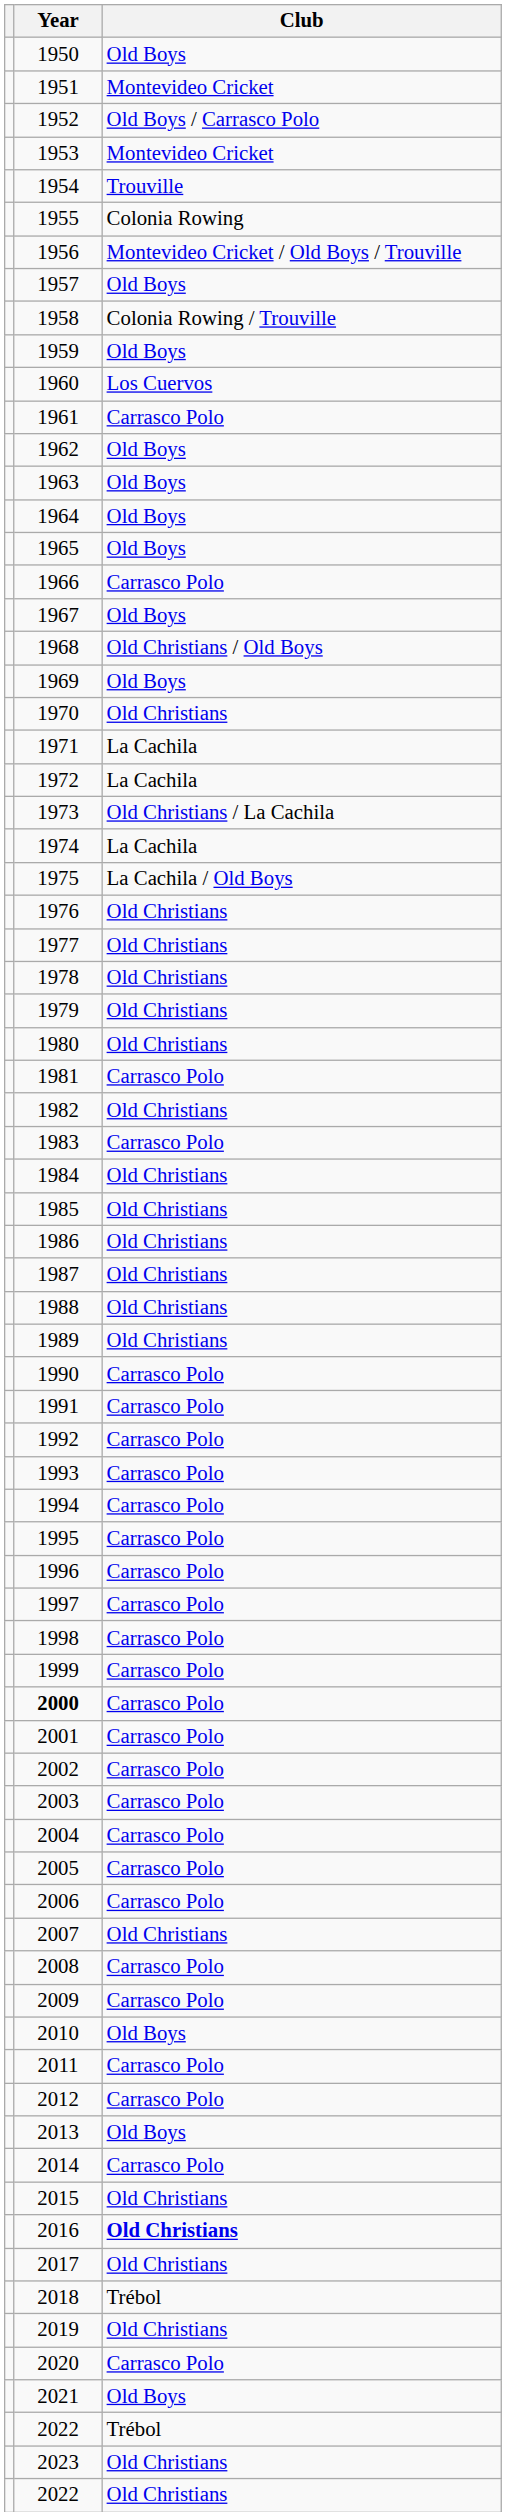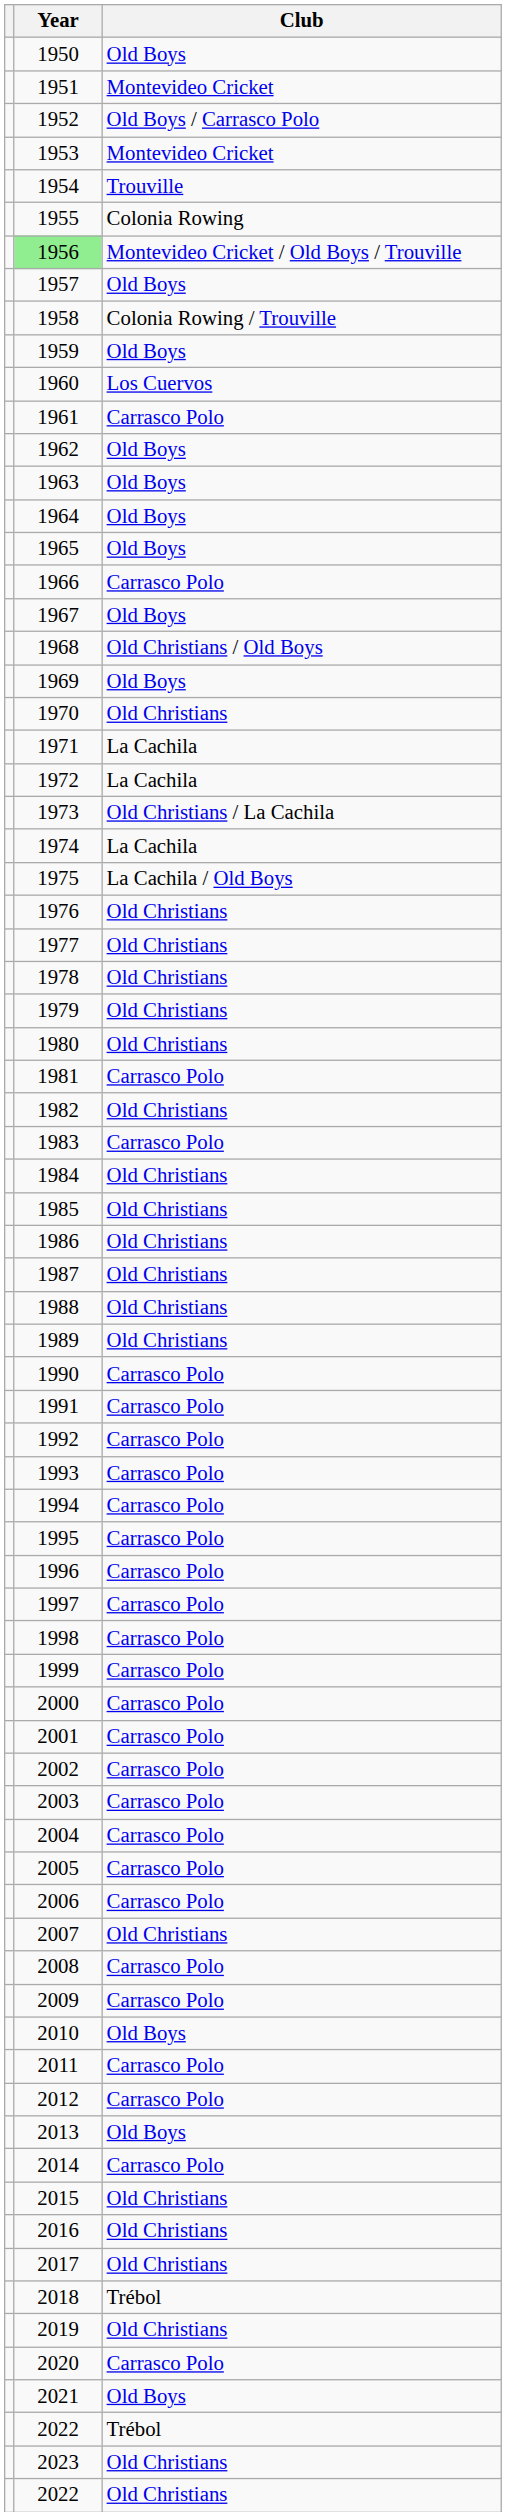 <table class="wikitable sortable">
 <tr>
 <th width =></th>
 <th width=60px>Year</th>
 <th width=300px>Club</th>
 </tr>
 <tr>
 <td></td>
 <td align=center>1950</td>
 <td><a href='#'>Old Boys</a> </td>
 </tr>
 <tr>
 <td></td>
 <td align=center>1951</td>
 <td><a href='#'>Montevideo Cricket</a> </td>
 </tr>
 <tr>
 <td></td>
 <td align=center>1952</td>
 <td><a href='#'>Old Boys</a>  / <a href='#'>Carrasco Polo</a> </td>
 </tr>
 <tr>
 <td></td>
 <td align=center>1953</td>
 <td><a href='#'>Montevideo Cricket</a> </td>
 </tr>
 <tr>
 <td></td>
 <td align=center>1954</td>
 <td><a href='#'>Trouville</a> </td>
 </tr>
 <tr>
 <td></td>
 <td align=center>1955</td>
 <td>Colonia Rowing </td>
 </tr>
 <tr>
 <td></td>
-<td align=center>1956</td>
+<td align=center style="background: lightgreen;">1956</td>
 <td><a href='#'>Montevideo Cricket</a>  / <a href='#'>Old Boys</a>  / <a href='#'>Trouville</a> </td>
 </tr>
 <tr>
 <td></td>
 <td align=center>1957</td>
 <td><a href='#'>Old Boys</a> </td>
 </tr>
 <tr>
 <td></td>
 <td align=center>1958</td>
 <td>Colonia Rowing  / <a href='#'>Trouville</a> </td>
 </tr>
 <tr>
 <td></td>
 <td align=center>1959</td>
 <td><a href='#'>Old Boys</a> </td>
 </tr>
 <tr>
 <td></td>
 <td align=center>1960</td>
 <td><a href='#'>Los Cuervos</a></td>
 </tr>
 <tr>
 <td></td>
 <td align=center>1961</td>
 <td><a href='#'>Carrasco Polo</a> </td>
 </tr>
 <tr>
 <td></td>
 <td align=center>1962</td>
 <td><a href='#'>Old Boys</a> </td>
 </tr>
 <tr>
 <td></td>
 <td align=center>1963</td>
 <td><a href='#'>Old Boys</a> </td>
 </tr>
 <tr>
 <td></td>
 <td align=center>1964</td>
 <td><a href='#'>Old Boys</a> </td>
 </tr>
 <tr>
 <td></td>
 <td align=center>1965</td>
 <td><a href='#'>Old Boys</a> </td>
 </tr>
 <tr>
 <td></td>
 <td align=center>1966</td>
 <td><a href='#'>Carrasco Polo</a> </td>
 </tr>
 <tr>
 <td></td>
 <td align=center>1967</td>
 <td><a href='#'>Old Boys</a> </td>
 </tr>
 <tr>
 <td></td>
 <td align=center>1968</td>
 <td><a href='#'>Old Christians</a>  / <a href='#'>Old Boys</a> </td>
 </tr>
 <tr>
 <td></td>
 <td align=center>1969</td>
 <td><a href='#'>Old Boys</a> </td>
 </tr>
 <tr>
 <td></td>
 <td align=center>1970</td>
 <td><a href='#'>Old Christians</a> </td>
 </tr>
 <tr>
 <td></td>
 <td align=center>1971</td>
 <td>La Cachila </td>
 </tr>
 <tr>
 <td></td>
 <td align=center>1972</td>
 <td>La Cachila </td>
 </tr>
 <tr>
 <td></td>
 <td align=center>1973</td>
 <td><a href='#'>Old Christians</a>  / La Cachila </td>
 </tr>
 <tr>
 <td></td>
 <td align=center>1974</td>
 <td>La Cachila </td>
 </tr>
 <tr>
 <td></td>
 <td align=center>1975</td>
 <td>La Cachila  / <a href='#'>Old Boys</a> </td>
 </tr>
 <tr>
 <td></td>
 <td align=center>1976</td>
 <td><a href='#'>Old Christians</a> </td>
 </tr>
 <tr>
 <td></td>
 <td align=center>1977</td>
 <td><a href='#'>Old Christians</a> </td>
 </tr>
 <tr>
 <td></td>
 <td align=center>1978</td>
 <td><a href='#'>Old Christians</a> </td>
 </tr>
 <tr>
 <td></td>
 <td align=center>1979</td>
 <td><a href='#'>Old Christians</a> </td>
 </tr>
 <tr>
 <td></td>
 <td align=center>1980</td>
 <td><a href='#'>Old Christians</a> </td>
 </tr>
 <tr>
 <td></td>
 <td align=center>1981</td>
 <td><a href='#'>Carrasco Polo</a> </td>
 </tr>
 <tr>
 <td></td>
 <td align=center>1982</td>
 <td><a href='#'>Old Christians</a> </td>
 </tr>
 <tr>
 <td></td>
 <td align=center>1983</td>
 <td><a href='#'>Carrasco Polo</a> </td>
 </tr>
 <tr>
 <td></td>
 <td align=center>1984</td>
 <td><a href='#'>Old Christians</a> </td>
 </tr>
 <tr>
 <td></td>
 <td align=center>1985</td>
 <td><a href='#'>Old Christians</a> </td>
 </tr>
 <tr>
 <td></td>
 <td align=center>1986</td>
 <td><a href='#'>Old Christians</a> </td>
 </tr>
 <tr>
 <td></td>
 <td align=center>1987</td>
 <td><a href='#'>Old Christians</a> </td>
 </tr>
 <tr>
 <td></td>
 <td align=center>1988</td>
 <td><a href='#'>Old Christians</a> </td>
 </tr>
 <tr>
 <td></td>
 <td align=center>1989</td>
 <td><a href='#'>Old Christians</a> </td>
 </tr>
 <tr>
 <td></td>
 <td align=center>1990</td>
 <td><a href='#'>Carrasco Polo</a> </td>
 </tr>
 <tr>
 <td></td>
 <td align=center>1991</td>
 <td><a href='#'>Carrasco Polo</a> </td>
 </tr>
 <tr>
 <td></td>
 <td align=center>1992</td>
 <td><a href='#'>Carrasco Polo</a> </td>
 </tr>
 <tr>
 <td></td>
 <td align=center>1993</td>
 <td><a href='#'>Carrasco Polo</a> </td>
 </tr>
 <tr>
 <td></td>
 <td align=center>1994</td>
 <td><a href='#'>Carrasco Polo</a> </td>
 </tr>
 <tr>
 <td></td>
 <td align=center>1995</td>
 <td><a href='#'>Carrasco Polo</a> </td>
 </tr>
 <tr>
 <td></td>
 <td align=center>1996</td>
 <td><a href='#'>Carrasco Polo</a> </td>
 </tr>
 <tr>
 <td></td>
 <td align=center>1997</td>
 <td><a href='#'>Carrasco Polo</a> </td>
 </tr>
 <tr>
 <td></td>
 <td align=center>1998</td>
 <td><a href='#'>Carrasco Polo</a> </td>
 </tr>
 <tr>
 <td></td>
 <td align=center>1999</td>
 <td><a href='#'>Carrasco Polo</a> </td>
 </tr>
 <tr>
 <td></td>
-<td align=center><strong>2000</strong></td>
+<td align=center>2000</td>
 <td><a href='#'>Carrasco Polo</a> </td>
 </tr>
 <tr>
 <td></td>
 <td align=center>2001</td>
 <td><a href='#'>Carrasco Polo</a> </td>
 </tr>
 <tr>
 <td></td>
 <td align=center>2002</td>
 <td><a href='#'>Carrasco Polo</a> </td>
 </tr>
 <tr>
 <td></td>
 <td align=center>2003</td>
 <td><a href='#'>Carrasco Polo</a> </td>
 </tr>
 <tr>
 <td></td>
 <td align=center>2004</td>
 <td><a href='#'>Carrasco Polo</a> </td>
 </tr>
 <tr>
 <td></td>
 <td align=center>2005</td>
 <td><a href='#'>Carrasco Polo</a> </td>
 </tr>
 <tr>
 <td></td>
 <td align=center>2006</td>
 <td><a href='#'>Carrasco Polo</a> </td>
 </tr>
 <tr>
 <td></td>
 <td align=center>2007</td>
 <td><a href='#'>Old Christians</a> </td>
 </tr>
 <tr>
 <td></td>
 <td align=center>2008</td>
 <td><a href='#'>Carrasco Polo</a> </td>
 </tr>
 <tr>
 <td></td>
 <td align=center>2009</td>
 <td><a href='#'>Carrasco Polo</a> </td>
 </tr>
 <tr>
 <td></td>
 <td align=center>2010</td>
 <td><a href='#'>Old Boys</a> </td>
 </tr>
 <tr>
 <td></td>
 <td align=center>2011</td>
 <td><a href='#'>Carrasco Polo</a> </td>
 </tr>
 <tr>
 <td></td>
 <td align=center>2012</td>
 <td><a href='#'>Carrasco Polo</a> </td>
 </tr>
 <tr>
 <td></td>
 <td align=center>2013</td>
 <td><a href='#'>Old Boys</a> </td>
 </tr>
 <tr>
 <td></td>
 <td align=center>2014</td>
 <td><a href='#'>Carrasco Polo</a> </td>
 </tr>
 <tr>
 <td></td>
 <td align=center>2015</td>
 <td><a href='#'>Old Christians</a> </td>
 </tr>
 <tr>
 <td></td>
 <td align=center>2016</td>
-<td><strong><a href='#'>Old Christians</a> </strong></td>
+<td><a href='#'>Old Christians</a> </td>
 </tr>
 <tr>
 <td></td>
 <td align=center>2017</td>
 <td><a href='#'>Old Christians</a> </td>
 </tr>
 <tr>
 <td></td>
 <td align=center>2018</td>
 <td>Trébol </td>
 </tr>
 <tr>
 <td></td>
 <td align=center>2019</td>
 <td><a href='#'>Old Christians</a> </td>
 </tr>
 <tr>
 <td></td>
 <td align=center>2020</td>
 <td><a href='#'>Carrasco Polo</a> </td>
 </tr>
 <tr>
 <td></td>
 <td align=center>2021</td>
 <td><a href='#'>Old Boys</a> </td>
 </tr>
 <tr>
 <td></td>
 <td align=center>2022</td>
 <td>Trébol </td>
 </tr>
 <tr>
 <td></td>
 <td align=center>2023</td>
 <td><a href='#'>Old Christians</a> </td>
 </tr>
 <tr>
 <td></td>
 <td align=center>2022</td>
 <td><a href='#'>Old Christians</a> </td>
 </tr>
 </table>
